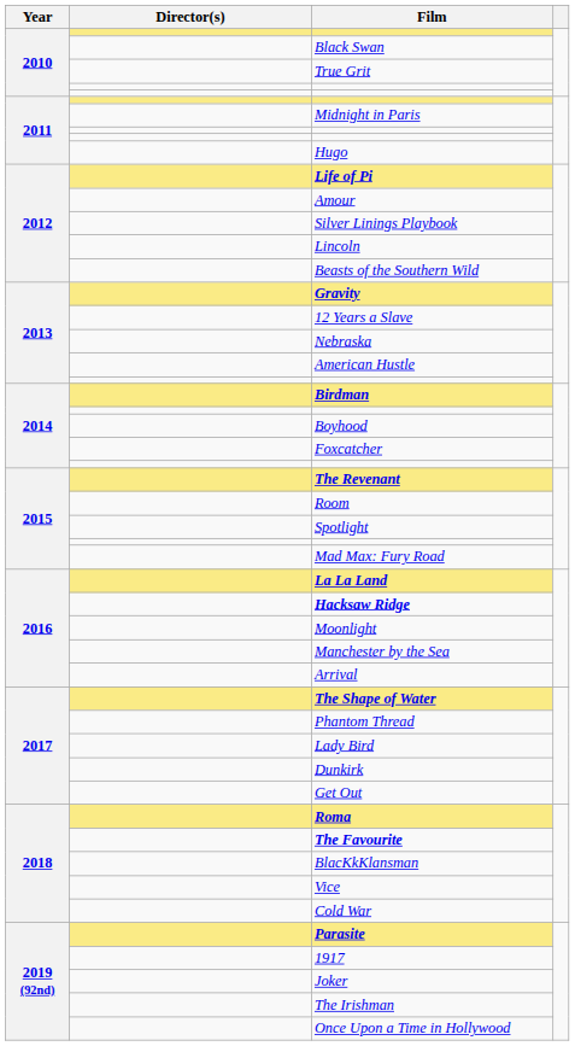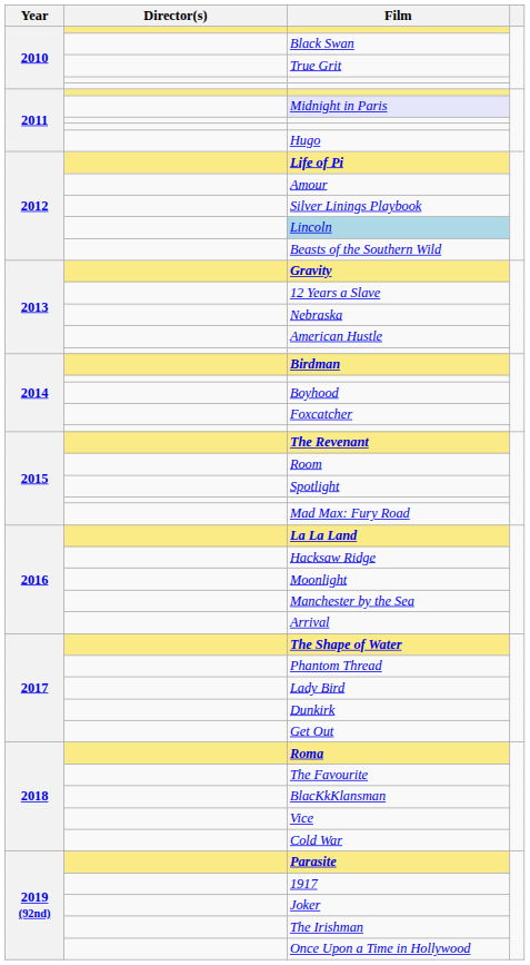 <table class="wikitable sortable">
 <tr>
 <th scope="col" style="width:8%;">Year</th>
 <th scope="col" style="width:30%;">Director(s)</th>
 <th scope="col" style="width:30%;">Film</th>
 <th scope="col" style="width:2%;" class="unsortable"></th>
 </tr>
 <tr>
 <th scope="row" rowspan=5 style="text-align:center;"><a href='#'>2010</a><br></th>
 <td style="background:#FAEB86;"><strong></strong></td>
 <td style="background:#FAEB86;"><strong></strong></td>
 <td rowspan="5"></td>
 </tr>
 <tr>
 <td></td>
 <td><em><a href='#'>Black Swan</a></em></td>
 </tr>
 <tr>
 <td></td>
 <td><em><a href='#'>True Grit</a></em></td>
 </tr>
 <tr>
 <td></td>
 <td></td>
 </tr>
 <tr>
 <td></td>
 <td></td>
 </tr>
 <tr>
 <th scope="row" rowspan=5 style="text-align:center;"><a href='#'>2011</a><br></th>
 <td style="background:#FAEB86;"><strong></strong></td>
 <td style="background:#FAEB86;"><strong></strong></td>
 <td rowspan="5"></td>
 </tr>
 <tr>
 <td></td>
-<td><em><a href='#'>Midnight in Paris</a></em></td>
+<td style="background: lavender;"><em><a href='#'>Midnight in Paris</a></em></td>
 </tr>
 <tr>
 <td></td>
 <td></td>
 </tr>
 <tr>
 <td></td>
 <td></td>
 </tr>
 <tr>
 <td></td>
 <td><em><a href='#'>Hugo</a></em></td>
 </tr>
 <tr>
 <th scope="row" rowspan=5 style="text-align:center;"><a href='#'>2012</a><br></th>
 <td style="background:#FAEB86;"><strong></strong></td>
 <td style="background:#FAEB86;"><strong><em><a href='#'>Life of Pi</a></em></strong></td>
 <td rowspan="5"></td>
 </tr>
 <tr>
 <td></td>
 <td><em><a href='#'>Amour</a></em></td>
 </tr>
 <tr>
 <td></td>
 <td><em><a href='#'>Silver Linings Playbook</a></em></td>
 </tr>
 <tr>
 <td></td>
-<td><em><a href='#'>Lincoln</a></em></td>
+<td style="background: lightblue;"><em><a href='#'>Lincoln</a></em></td>
 </tr>
 <tr>
 <td></td>
 <td><em><a href='#'>Beasts of the Southern Wild</a></em></td>
 </tr>
 <tr>
 <th scope="row" rowspan=5 style="text-align:center;"><a href='#'>2013</a><br></th>
 <td style="background:#FAEB86;"><strong></strong></td>
 <td style="background:#FAEB86;"><strong><em><a href='#'>Gravity</a></em></strong></td>
 <td rowspan="5"></td>
 </tr>
 <tr>
 <td></td>
 <td><em><a href='#'>12 Years a Slave</a></em></td>
 </tr>
 <tr>
 <td></td>
 <td><em><a href='#'>Nebraska</a></em></td>
 </tr>
 <tr>
 <td></td>
 <td><em><a href='#'>American Hustle</a></em></td>
 </tr>
 <tr>
 <td></td>
 <td></td>
 </tr>
 <tr>
 <th scope="row" rowspan=5 style="text-align:center;"><a href='#'>2014</a><br></th>
 <td style="background:#FAEB86;"><strong></strong></td>
 <td style="background:#FAEB86;"><strong><em><a href='#'>Birdman</a></em></strong></td>
 <td rowspan="5"></td>
 </tr>
 <tr>
 <td></td>
 <td></td>
 </tr>
 <tr>
 <td></td>
 <td><em><a href='#'>Boyhood</a></em></td>
 </tr>
 <tr>
 <td></td>
 <td><em><a href='#'>Foxcatcher</a></em></td>
 </tr>
 <tr>
 <td></td>
 <td></td>
 </tr>
 <tr>
 <th scope="row" rowspan=5 style="text-align:center"><a href='#'>2015</a> <br></th>
 <td style="background:#FAEB86;"><strong></strong></td>
 <td style="background:#FAEB86;"><strong><em><a href='#'>The Revenant</a></em></strong></td>
 <td rowspan=5></td>
 </tr>
 <tr>
 <td></td>
 <td><em><a href='#'>Room</a></em></td>
 </tr>
 <tr>
 <td></td>
 <td><em><a href='#'>Spotlight</a></em></td>
 </tr>
 <tr>
 <td></td>
 <td></td>
 </tr>
 <tr>
 <td></td>
 <td><em><a href='#'>Mad Max: Fury Road</a></em></td>
 </tr>
 <tr>
 <th scope="row" rowspan=5 style="text-align:center"><a href='#'>2016</a> <br></th>
 <td style="background:#FAEB86;"><strong></strong></td>
 <td style="background:#FAEB86;"><strong><em><a href='#'>La La Land</a></em></strong></td>
 <td rowspan=5></td>
 </tr>
 <tr>
 <td></td>
-<td><strong><em><a href='#'>Hacksaw Ridge</a></em></strong></td>
+<td><em><a href='#'>Hacksaw Ridge</a></em></td>
 </tr>
 <tr>
 <td></td>
 <td><em><a href='#'>Moonlight</a></em></td>
 </tr>
 <tr>
 <td></td>
 <td><em><a href='#'>Manchester by the Sea</a></em></td>
 </tr>
 <tr>
 <td></td>
 <td><em><a href='#'>Arrival</a></em></td>
 </tr>
 <tr>
 <th scope="row" rowspan=5 style="text-align:center"><a href='#'>2017</a> <br></th>
 <td style="background:#FAEB86;"><strong></strong></td>
 <td style="background:#FAEB86;"><strong><em><a href='#'>The Shape of Water</a></em></strong></td>
 <td rowspan=5></td>
 </tr>
 <tr>
 <td></td>
 <td><em><a href='#'>Phantom Thread</a></em></td>
 </tr>
 <tr>
 <td></td>
 <td><em><a href='#'>Lady Bird</a></em></td>
 </tr>
 <tr>
 <td></td>
 <td><em><a href='#'>Dunkirk</a></em></td>
 </tr>
 <tr>
 <td></td>
 <td><em><a href='#'>Get Out</a></em></td>
 </tr>
 <tr>
 <th scope="row" rowspan=5 style="text-align:center"><a href='#'>2018</a> <br></th>
 <td style="background:#FAEB86;"><strong></strong></td>
 <td style="background:#FAEB86;"><strong><em><a href='#'>Roma</a></em></strong></td>
 <td rowspan=5></td>
 </tr>
 <tr>
 <td></td>
-<td><strong><em><a href='#'>The Favourite</a></em></strong></td>
+<td><em><a href='#'>The Favourite</a></em></td>
 </tr>
 <tr>
 <td></td>
 <td><em><a href='#'>BlacKkKlansman</a></em></td>
 </tr>
 <tr>
 <td></td>
 <td><em><a href='#'>Vice</a></em></td>
 </tr>
 <tr>
 <td></td>
 <td><em><a href='#'>Cold War</a></em></td>
 </tr>
 <tr>
 <th scope="row" rowspan=5 style="text-align:center"><a href='#'>2019</a> <br><small><a href='#'>(92nd)</a> </small></th>
 <td style="background:#FAEB86;"><strong></strong></td>
 <td style="background:#FAEB86;"><strong><em><a href='#'>Parasite</a></em></strong></td>
 <td rowspan=5></td>
 </tr>
 <tr>
 <td></td>
 <td><em><a href='#'>1917</a></em></td>
 </tr>
 <tr>
 <td></td>
 <td><em><a href='#'>Joker</a></em></td>
 </tr>
 <tr>
 <td></td>
 <td><em><a href='#'>The Irishman</a></em></td>
 </tr>
 <tr>
 <td></td>
 <td><em><a href='#'>Once Upon a Time in Hollywood</a></em></td>
 </tr>
 </table>
